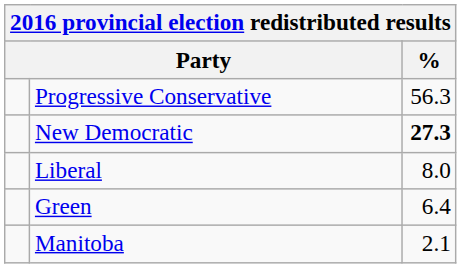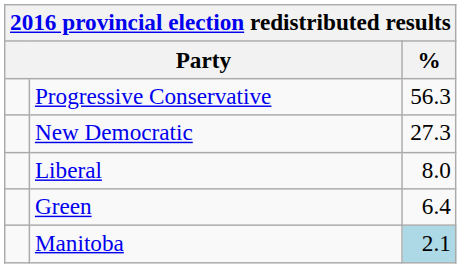 <table class="wikitable">
 <tr>
 <th colspan="4"><a href='#'>2016 provincial election</a> redistributed results</th>
 </tr>
 <tr>
 <th bgcolor="#DDDDFF" width="130px" colspan="2">Party</th>
 <th bgcolor="#DDDDFF" width="30px">%</th>
 </tr>
 <tr>
 <td> </td>
 <td><a href='#'>Progressive Conservative</a></td>
 <td align=right>56.3</td>
 </tr>
 <tr>
 <td> </td>
 <td><a href='#'>New Democratic</a></td>
-<td align=right><strong>27.3</strong></td>
+<td align=right>27.3</td>
 </tr>
 <tr>
 <td> </td>
 <td><a href='#'>Liberal</a></td>
 <td align=right>8.0</td>
 </tr>
 <tr>
 <td> </td>
 <td><a href='#'>Green</a></td>
 <td align=right>6.4</td>
 </tr>
 <tr>
 <td> </td>
 <td><a href='#'>Manitoba</a></td>
-<td align=right>2.1</td>
+<td align=right style="background: lightblue;">2.1</td>
 </tr>
 </table>
